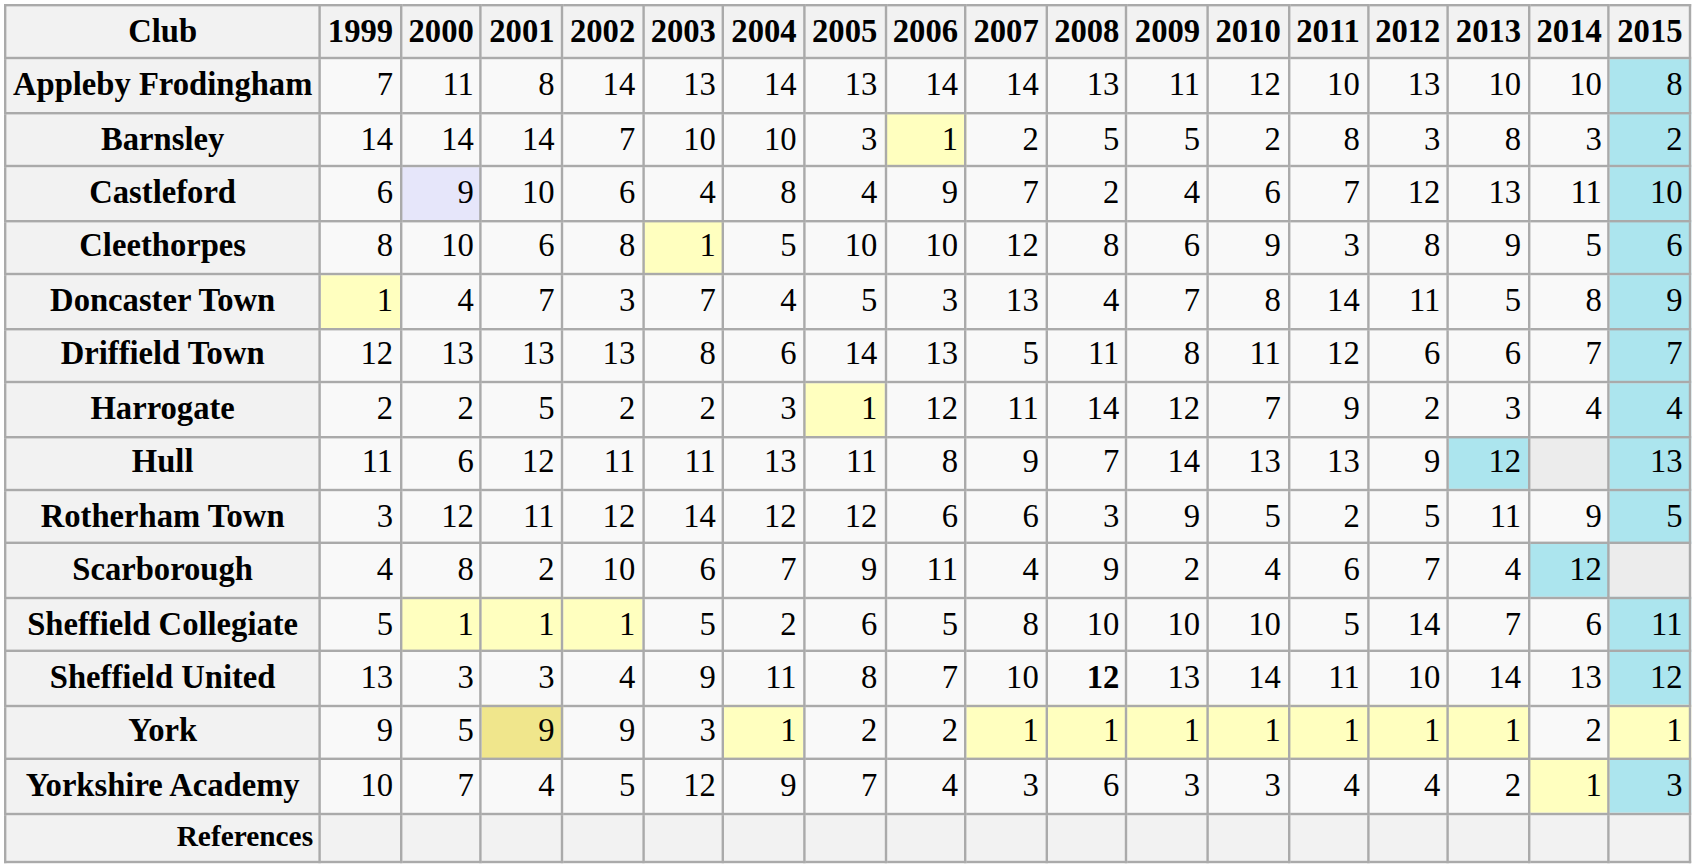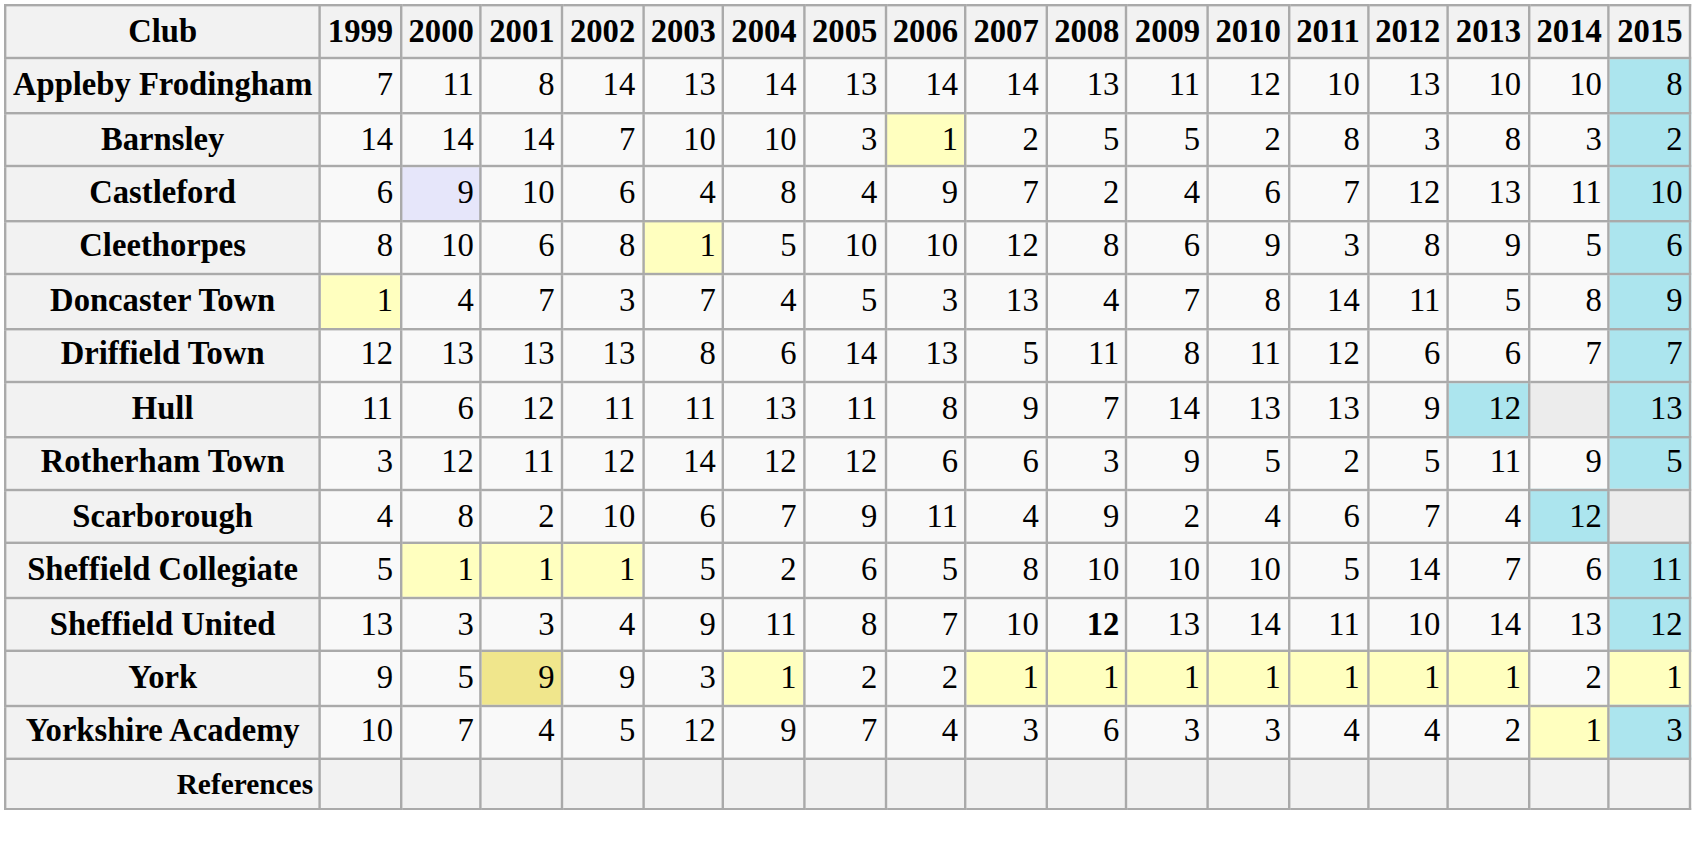 <table class="wikitable plainrowheaders" style="font-size:85%; text-align: right;">
 <tr>
 <th scope="col">Club</th>
 <th scope="col">1999</th>
 <th scope="col">2000</th>
 <th scope="col">2001</th>
 <th scope="col">2002</th>
 <th scope="col">2003</th>
 <th scope="col">2004</th>
 <th scope="col">2005</th>
 <th scope="col">2006</th>
 <th scope="col">2007</th>
 <th scope="col">2008</th>
 <th scope="col">2009</th>
 <th scope="col">2010</th>
 <th scope="col">2011</th>
 <th scope="col">2012</th>
 <th scope="col">2013</th>
 <th scope="col">2014</th>
 <th scope="col">2015</th>
 </tr>
 <tr>
 <th scope="row">Appleby Frodingham</th>
 <td>7</td>
 <td>11</td>
 <td>8</td>
 <td>14</td>
 <td>13</td>
 <td>14</td>
 <td>13</td>
 <td>14</td>
 <td>14</td>
 <td>13</td>
 <td>11</td>
 <td>12</td>
 <td>10</td>
 <td>13</td>
 <td>10</td>
 <td>10</td>
 <td bgcolor="#ace5ee">8</td>
 </tr>
 <tr>
 <th scope="row">Barnsley</th>
 <td>14</td>
 <td>14</td>
 <td>14</td>
 <td>7</td>
 <td>10</td>
 <td>10</td>
 <td>3</td>
 <td bgcolor="#ffffbf">1</td>
 <td>2</td>
 <td>5</td>
 <td>5</td>
 <td>2</td>
 <td>8</td>
 <td>3</td>
 <td>8</td>
 <td>3</td>
 <td bgcolor="#ace5ee">2</td>
 </tr>
 <tr>
 <th scope="row">Castleford</th>
 <td>6</td>
 <td style="background: lavender;">9</td>
 <td>10</td>
 <td>6</td>
 <td>4</td>
 <td>8</td>
 <td>4</td>
 <td>9</td>
 <td>7</td>
 <td>2</td>
 <td>4</td>
 <td>6</td>
 <td>7</td>
 <td>12</td>
 <td>13</td>
 <td>11</td>
 <td bgcolor="#ace5ee">10</td>
 </tr>
 <tr>
 <th scope="row">Cleethorpes</th>
 <td>8</td>
 <td>10</td>
 <td>6</td>
 <td>8</td>
 <td bgcolor="#ffffbf">1</td>
 <td>5</td>
 <td>10</td>
 <td>10</td>
 <td>12</td>
 <td>8</td>
 <td>6</td>
 <td>9</td>
 <td>3</td>
 <td>8</td>
 <td>9</td>
 <td>5</td>
 <td bgcolor="#ace5ee">6</td>
 </tr>
 <tr>
 <th scope="row">Doncaster Town</th>
 <td bgcolor="#ffffbf">1</td>
 <td>4</td>
 <td>7</td>
 <td>3</td>
 <td>7</td>
 <td>4</td>
 <td>5</td>
 <td>3</td>
 <td>13</td>
 <td>4</td>
 <td>7</td>
 <td>8</td>
 <td>14</td>
 <td>11</td>
 <td>5</td>
 <td>8</td>
 <td bgcolor="#ace5ee">9</td>
 </tr>
 <tr>
 <th scope="row">Driffield Town</th>
 <td>12</td>
 <td>13</td>
 <td>13</td>
 <td>13</td>
 <td>8</td>
 <td>6</td>
 <td>14</td>
 <td>13</td>
 <td>5</td>
 <td>11</td>
 <td>8</td>
 <td>11</td>
 <td>12</td>
 <td>6</td>
 <td>6</td>
 <td>7</td>
 <td bgcolor="#ace5ee">7</td>
-</tr>
-<tr>
-<th scope="row">Harrogate</th>
-<td>2</td>
-<td>2</td>
-<td>5</td>
-<td>2</td>
-<td>2</td>
-<td>3</td>
-<td bgcolor="#ffffbf">1</td>
-<td>12</td>
-<td>11</td>
-<td>14</td>
-<td>12</td>
-<td>7</td>
-<td>9</td>
-<td>2</td>
-<td>3</td>
-<td>4</td>
-<td bgcolor="#ace5ee">4</td>
 </tr>
 <tr>
 <th scope="row">Hull </th>
 <td>11</td>
 <td>6</td>
 <td>12</td>
 <td>11</td>
 <td>11</td>
 <td>13</td>
 <td>11</td>
 <td>8</td>
 <td>9</td>
 <td>7</td>
 <td>14</td>
 <td>13</td>
 <td>13</td>
 <td>9</td>
 <td bgcolor="#ace5ee">12</td>
 <td bgcolor="#ececec"></td>
 <td bgcolor="#ace5ee">13</td>
 </tr>
 <tr>
 <th scope="row">Rotherham Town</th>
 <td>3</td>
 <td>12</td>
 <td>11</td>
 <td>12</td>
 <td>14</td>
 <td>12</td>
 <td>12</td>
 <td>6</td>
 <td>6</td>
 <td>3</td>
 <td>9</td>
 <td>5</td>
 <td>2</td>
 <td>5</td>
 <td>11</td>
 <td>9</td>
 <td bgcolor="#ace5ee">5</td>
 </tr>
 <tr>
 <th scope="row">Scarborough </th>
 <td>4</td>
 <td>8</td>
 <td>2</td>
 <td>10</td>
 <td>6</td>
 <td>7</td>
 <td>9</td>
 <td>11</td>
 <td>4</td>
 <td>9</td>
 <td>2</td>
 <td>4</td>
 <td>6</td>
 <td>7</td>
 <td>4</td>
 <td bgcolor="#ace5ee">12</td>
 <td bgcolor="#ececec"></td>
 </tr>
 <tr>
 <th scope="row">Sheffield Collegiate</th>
 <td>5</td>
 <td bgcolor="#ffffbf">1</td>
 <td bgcolor="#ffffbf">1</td>
 <td bgcolor="#ffffbf">1</td>
 <td>5</td>
 <td>2</td>
 <td>6</td>
 <td>5</td>
 <td>8</td>
 <td>10</td>
 <td>10</td>
 <td>10</td>
 <td>5</td>
 <td>14</td>
 <td>7</td>
 <td>6</td>
 <td bgcolor="#ace5ee">11</td>
 </tr>
 <tr>
 <th scope="row">Sheffield United</th>
 <td>13</td>
 <td>3</td>
 <td>3</td>
 <td>4</td>
 <td>9</td>
 <td>11</td>
 <td>8</td>
 <td>7</td>
 <td>10</td>
 <td><strong>12</strong></td>
 <td>13</td>
 <td>14</td>
 <td>11</td>
 <td>10</td>
 <td>14</td>
 <td>13</td>
 <td bgcolor="#ace5ee">12</td>
 </tr>
 <tr>
 <th scope="row">York</th>
 <td>9</td>
 <td>5</td>
 <td style="background: khaki;">9</td>
 <td>9</td>
 <td>3</td>
 <td bgcolor="#ffffbf">1</td>
 <td>2</td>
 <td>2</td>
 <td bgcolor="#ffffbf">1</td>
 <td bgcolor="#ffffbf">1</td>
 <td bgcolor="#ffffbf">1</td>
 <td bgcolor="#ffffbf">1</td>
 <td bgcolor="#ffffbf">1</td>
 <td bgcolor="#ffffbf">1</td>
 <td bgcolor="#ffffbf">1</td>
 <td>2</td>
 <td bgcolor="#ffffbf">1</td>
 </tr>
 <tr>
 <th scope="row">Yorkshire Academy</th>
 <td>10</td>
 <td>7</td>
 <td>4</td>
 <td>5</td>
 <td>12</td>
 <td>9</td>
 <td>7</td>
 <td>4</td>
 <td>3</td>
 <td>6</td>
 <td>3</td>
 <td>3</td>
 <td>4</td>
 <td>4</td>
 <td>2</td>
 <td bgcolor="#ffffbf">1</td>
 <td bgcolor="#ace5ee">3</td>
 </tr>
 <tr style="font-size:90%; text-align:center">
 <th scope="row" style="text-align: right">References</th>
 <th scope="col"></th>
 <th scope="col"></th>
 <th scope="col"></th>
 <th scope="col"></th>
 <th scope="col"></th>
 <th scope="col"></th>
 <th scope="col"></th>
 <th scope="col"></th>
 <th scope="col"></th>
 <th scope="col"></th>
 <th scope="col"></th>
 <th scope="col"></th>
 <th scope="col"></th>
 <th scope="col"></th>
 <th scope="col"></th>
 <th scope="col"></th>
 <th scope="col"></th>
 </tr>
 </table>
